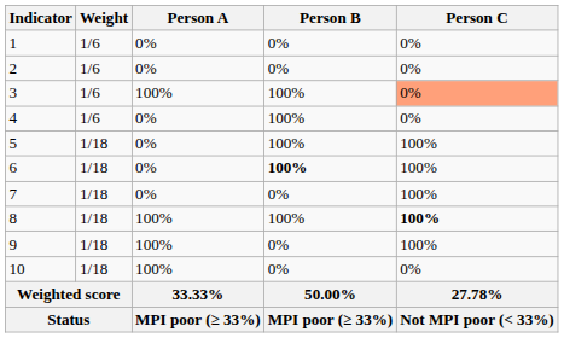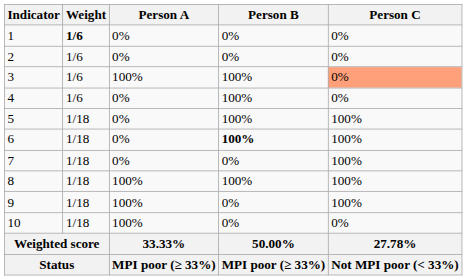 <table class="wikitable sortable">
 <tr>
 <th>Indicator</th>
 <th>Weight</th>
 <th>Person A</th>
 <th>Person B</th>
 <th>Person C</th>
 </tr>
 <tr>
 <td>1</td>
-<td>1/6</td>
+<td><strong>1/6</strong></td>
 <td>0%</td>
 <td>0%</td>
 <td>0%</td>
 </tr>
 <tr>
 <td>2</td>
 <td>1/6</td>
 <td>0%</td>
 <td>0%</td>
 <td>0%</td>
 </tr>
 <tr>
 <td>3</td>
 <td>1/6</td>
 <td>100%</td>
 <td>100%</td>
 <td style="background: lightsalmon;">0%</td>
 </tr>
 <tr>
 <td>4</td>
 <td>1/6</td>
 <td>0%</td>
 <td>100%</td>
 <td>0%</td>
 </tr>
 <tr>
 <td>5</td>
 <td>1/18</td>
 <td>0%</td>
 <td>100%</td>
 <td>100%</td>
 </tr>
 <tr>
 <td>6</td>
 <td>1/18</td>
 <td>0%</td>
 <td><strong>100%</strong></td>
 <td>100%</td>
 </tr>
 <tr>
 <td>7</td>
 <td>1/18</td>
 <td>0%</td>
 <td>0%</td>
 <td>100%</td>
 </tr>
 <tr>
 <td>8</td>
 <td>1/18</td>
 <td>100%</td>
 <td>100%</td>
-<td><strong>100%</strong></td>
+<td>100%</td>
 </tr>
 <tr>
 <td>9</td>
 <td>1/18</td>
 <td>100%</td>
 <td>0%</td>
 <td>100%</td>
 </tr>
 <tr>
 <td>10</td>
 <td>1/18</td>
 <td>100%</td>
 <td>0%</td>
 <td>0%</td>
 </tr>
 <tr>
 <th colspan="2">Weighted score</th>
 <th>33.33%</th>
 <th>50.00%</th>
 <th>27.78%</th>
 </tr>
 <tr>
 <th colspan="2">Status</th>
 <th>MPI poor (<strong>≥</strong> 33%)</th>
 <th>MPI poor (<strong>≥</strong> 33%)</th>
 <th>Not MPI poor (< 33%)</th>
 </tr>
 </table>
